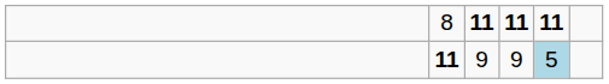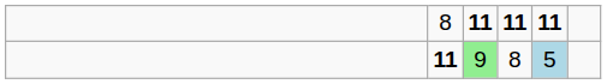 <table class="wikitable">
 <tr>
 <td style="width:18em"></td>
 <td align=center style="width:1em">8</td>
 <td align=center style="width:1em"><strong>11</strong></td>
 <td align=center style="width:1em"><strong>11</strong></td>
 <td align=center style="width:1em"><strong>11</strong></td>
 <td align=center style="width:1em"></td>
 </tr>
 <tr>
 <td style="width:18em"></td>
 <td align=center style="width:1em"><strong>11</strong></td>
-<td align=center style="width:1em">9</td>
-<td align=center style="width:1em">9</td>
+<td align=center style="background: lightgreen; width:1em">9</td>
+<td align=center style="width:1em">8</td>
 <td align=center style="background: lightblue; width:1em">5</td>
 <td align=center style="width:1em"></td>
 </tr>
 </table>
